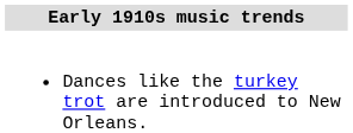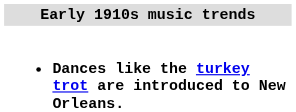 <table align="right" border="0" width=250 cellpadding="2" cellspacing="0" style="margin-left:0.5em;" class="toccolours">
 <tr>
 <th style="background:#ddd;">Early 1910s music trends</th>
 </tr>
 <tr>
-<td><br><ul><li>Dances like the <a href='#'>turkey trot</a> are introduced to New Orleans.</li></ul></td>
+<td><strong><br><ul><li>Dances like the <a href='#'>turkey trot</a> are introduced to New Orleans.</li></ul></strong></td>
 </tr>
 </table>
